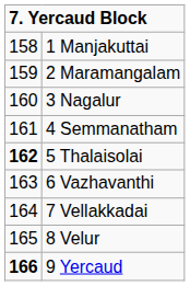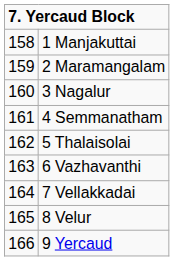 <table class="wikitable">
 <tr>
 <td colspan="2"><strong>7. Yercaud Block</strong></td>
 </tr>
 <tr>
 <td>158</td>
 <td>1 Manjakuttai</td>
 </tr>
 <tr>
 <td>159</td>
 <td>2 Maramangalam</td>
 </tr>
 <tr>
 <td>160</td>
 <td>3 Nagalur</td>
 </tr>
 <tr>
 <td>161</td>
 <td>4 Semmanatham</td>
 </tr>
 <tr>
-<td><strong>162</strong></td>
+<td>162</td>
 <td>5 Thalaisolai</td>
 </tr>
 <tr>
 <td>163</td>
 <td>6 Vazhavanthi</td>
 </tr>
 <tr>
 <td>164</td>
 <td>7 Vellakkadai</td>
 </tr>
 <tr>
 <td>165</td>
 <td>8 Velur</td>
 </tr>
 <tr>
-<td><strong>166</strong></td>
+<td>166</td>
 <td>9 <a href='#'>Yercaud</a></td>
 </tr>
 </table>
